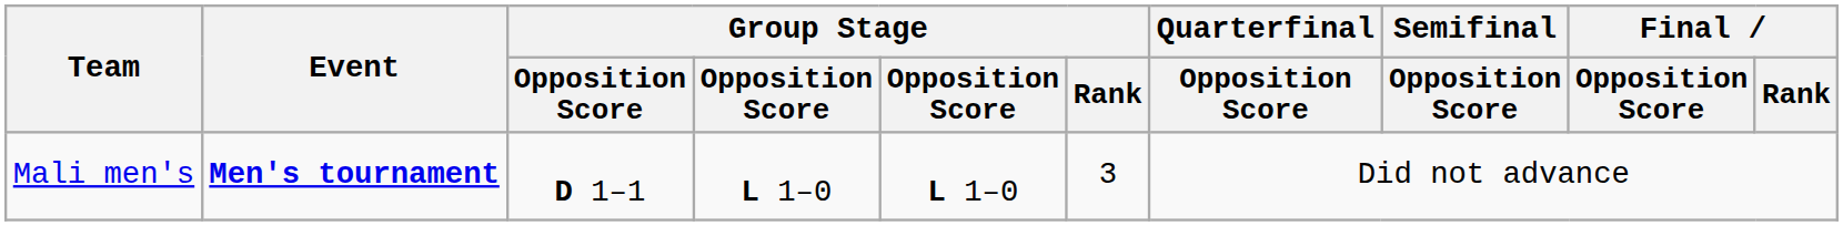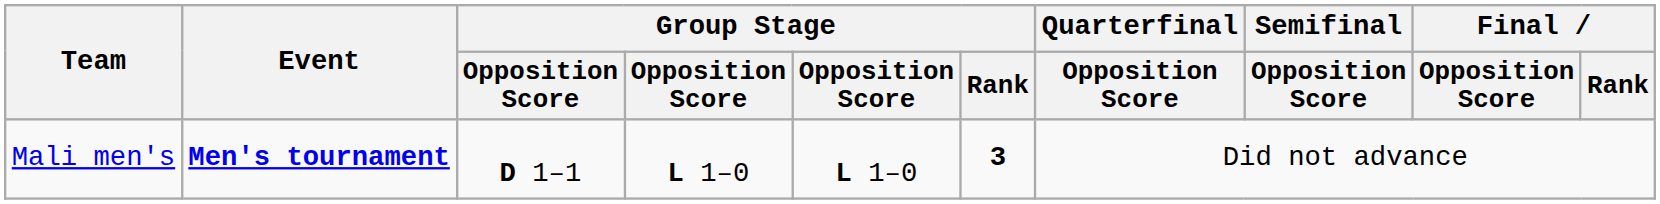 <table class=wikitable style=font-size:90%;text-align:center>
 <tr>
 <th rowspan=2>Team</th>
 <th rowspan=2>Event</th>
 <th colspan=4>Group Stage</th>
 <th>Quarterfinal</th>
 <th>Semifinal</th>
 <th colspan=2>Final / </th>
 </tr>
 <tr style=font-size:95%>
 <th>Opposition<br>Score</th>
 <th>Opposition<br>Score</th>
 <th>Opposition<br>Score</th>
 <th>Rank</th>
 <th>Opposition<br>Score</th>
 <th>Opposition<br>Score</th>
 <th>Opposition<br>Score</th>
 <th>Rank</th>
 </tr>
 <tr>
 <td align=left><a href='#'>Mali men's</a></td>
 <td align=left><strong><a href='#'>Men's tournament</a></strong></td>
 <td><br><strong>D</strong> 1–1</td>
 <td><br><strong>L</strong> 1–0</td>
 <td><br><strong>L</strong> 1–0</td>
-<td>3</td>
+<td><strong>3</strong></td>
 <td colspan="5">Did not advance</td>
 </tr>
 </table>
